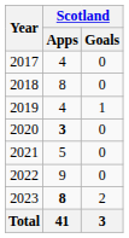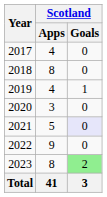 <table class="wikitable" style="text-align:center">
 <tr>
 <th rowspan=2>Year</th>
 <th colspan=2><a href='#'>Scotland</a></th>
 </tr>
 <tr>
 <th>Apps</th>
 <th>Goals</th>
 </tr>
 <tr>
 <td>2017</td>
 <td>4</td>
 <td>0</td>
 </tr>
 <tr>
 <td>2018</td>
 <td>8</td>
 <td>0</td>
 </tr>
 <tr>
 <td>2019</td>
 <td>4</td>
 <td>1</td>
 </tr>
 <tr>
 <td>2020</td>
-<td><strong>3</strong></td>
+<td>3</td>
 <td>0</td>
 </tr>
 <tr>
 <td>2021</td>
 <td>5</td>
-<td>0</td>
+<td style="background: lavender;">0</td>
 </tr>
 <tr>
 <td>2022</td>
 <td>9</td>
 <td>0</td>
 </tr>
 <tr>
 <td>2023</td>
-<td><strong>8</strong></td>
-<td>2</td>
+<td>8</td>
+<td style="background: lightgreen;">2</td>
 </tr>
 <tr>
 <th>Total</th>
 <th>41</th>
 <th>3</th>
 </tr>
 </table>
